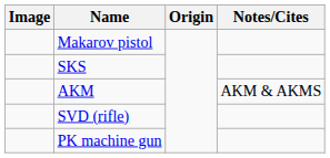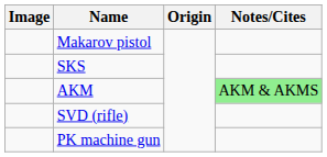 <table class="wikitable">
 <tr>
 <th>Image</th>
 <th>Name</th>
 <th>Origin</th>
 <th>Notes/Cites</th>
 </tr>
 <tr>
 <td></td>
 <td><a href='#'>Makarov pistol</a></td>
 <td rowspan="5"></td>
 <td></td>
 </tr>
 <tr>
 <td></td>
 <td><a href='#'>SKS</a></td>
 <td></td>
 </tr>
 <tr>
 <td><br></td>
 <td><a href='#'>AKM</a></td>
-<td>AKM & AKMS</td>
+<td style="background: lightgreen;">AKM & AKMS</td>
 </tr>
 <tr>
 <td></td>
 <td><a href='#'>SVD (rifle)</a></td>
 <td></td>
 </tr>
 <tr>
 <td></td>
 <td><a href='#'>PK machine gun</a></td>
 <td></td>
 </tr>
 </table>
